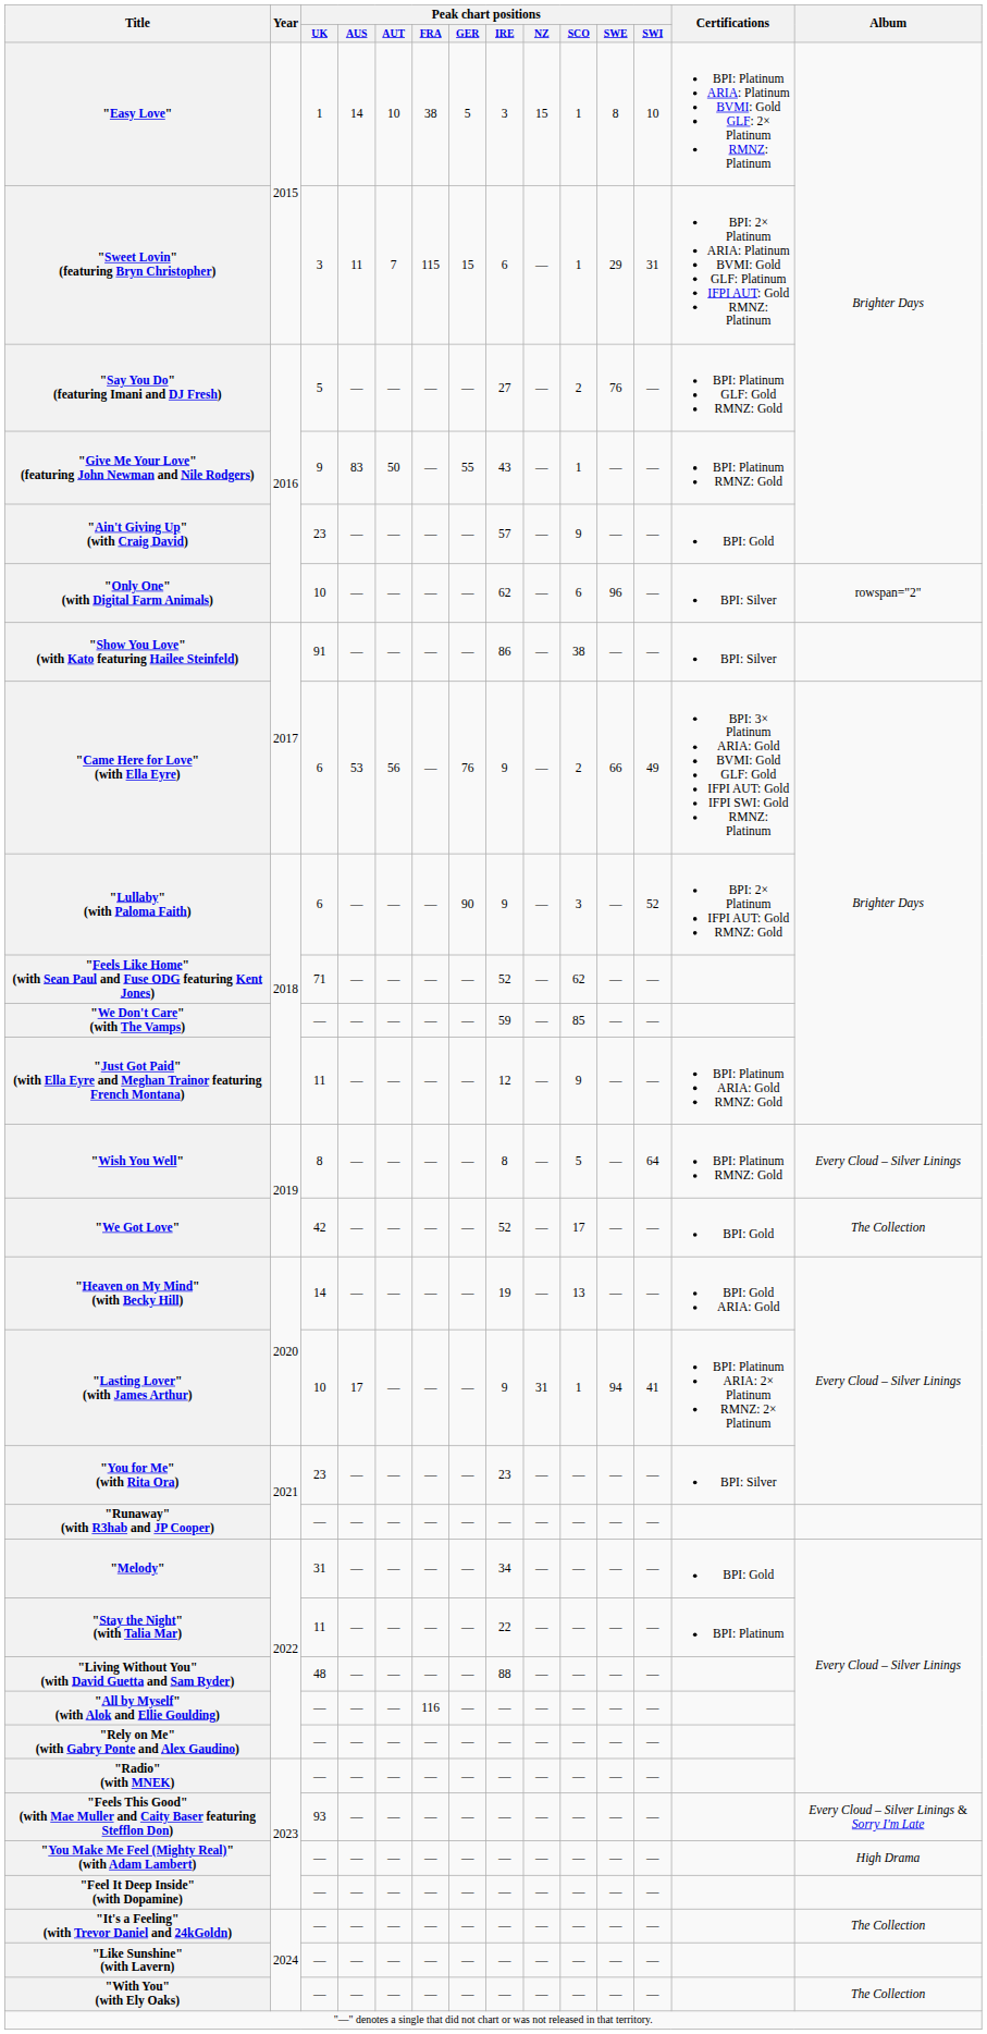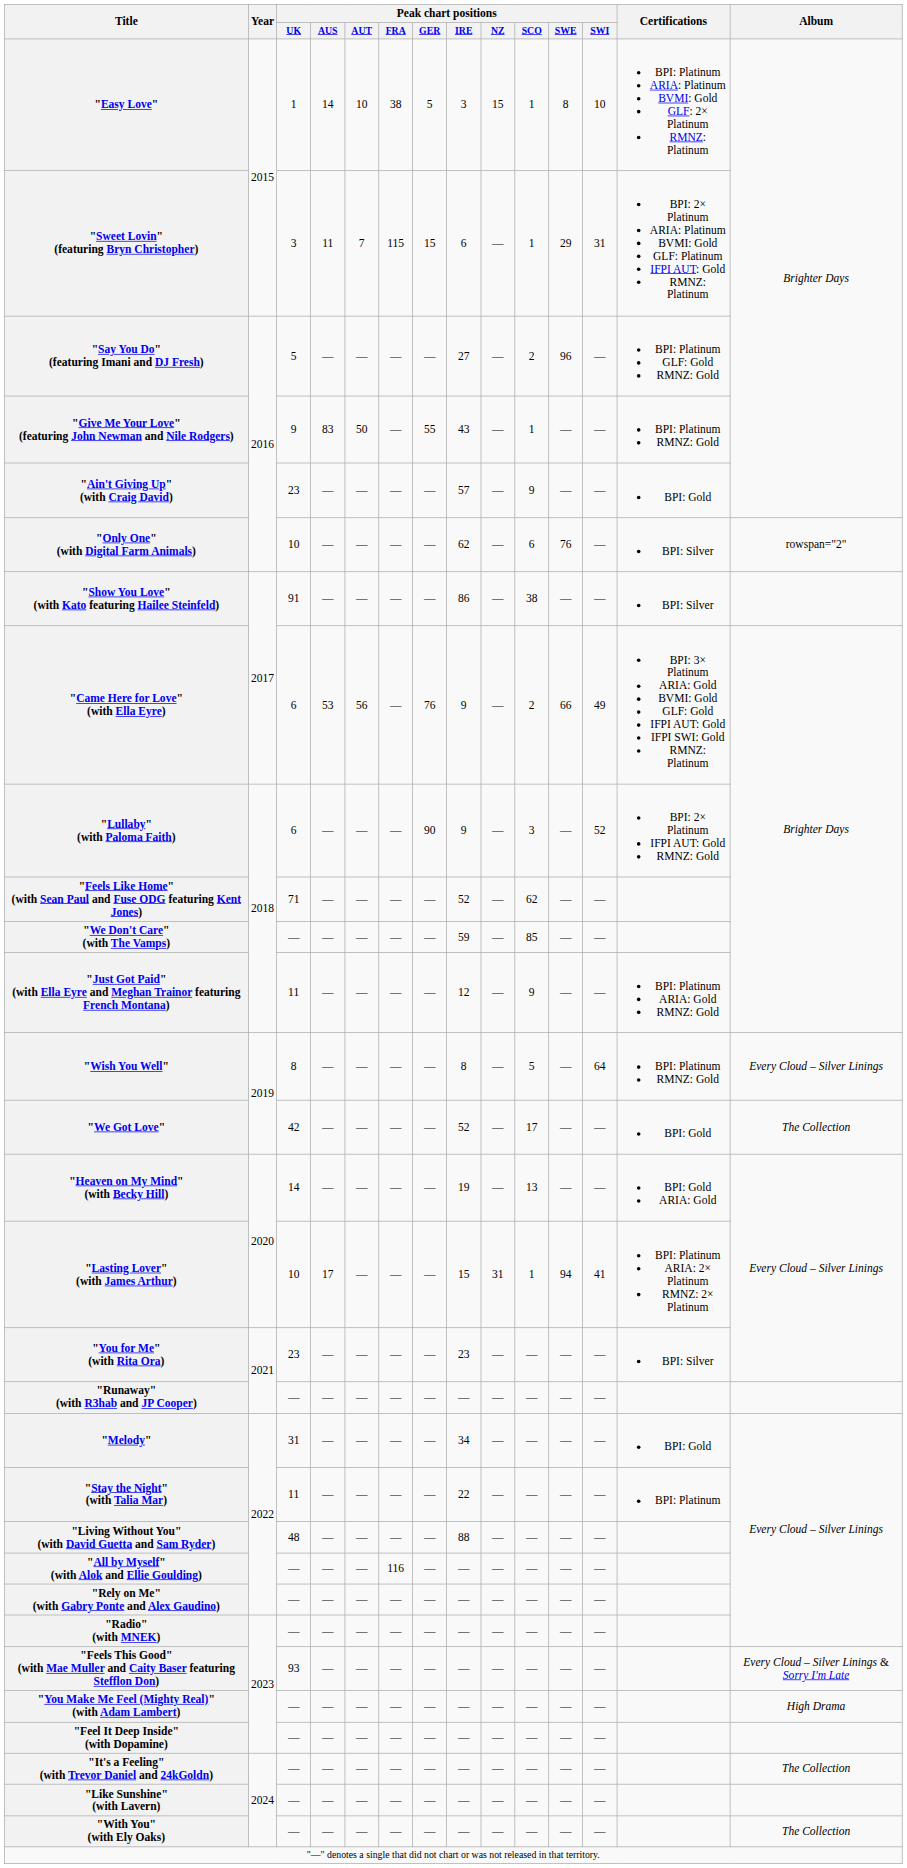 <table class="wikitable plainrowheaders" style="text-align:center;">
 <tr>
 <th scope="col" rowspan="2">Title</th>
 <th scope="col" rowspan="2">Year</th>
 <th scope="col" colspan="10">Peak chart positions</th>
 <th scope="col" rowspan="2">Certifications</th>
 <th scope="col" rowspan="2">Album</th>
 </tr>
 <tr>
 <th scope="col" style="width:3em;font-size:85%;"><a href='#'>UK</a><br></th>
 <th scope="col" style="width:3em;font-size:85%;"><a href='#'>AUS</a><br></th>
 <th scope="col" style="width:3em;font-size:85%;"><a href='#'>AUT</a><br></th>
 <th scope="col" style="width:3em;font-size:85%;"><a href='#'>FRA</a> <br></th>
 <th scope="col" style="width:3em;font-size:85%;"><a href='#'>GER</a><br></th>
 <th scope="col" style="width:3em;font-size:85%;"><a href='#'>IRE</a><br></th>
 <th scope="col" style="width:3em;font-size:85%;"><a href='#'>NZ</a><br></th>
 <th scope="col" style="width:3em;font-size:85%;"><a href='#'>SCO</a><br></th>
 <th scope="col" style="width:3em;font-size:85%;"><a href='#'>SWE</a><br></th>
 <th scope="col" style="width:3em;font-size:85%;"><a href='#'>SWI</a><br></th>
 </tr>
 <tr>
 <th scope="row">"<a href='#'>Easy Love</a>"</th>
 <td rowspan="2">2015</td>
 <td>1</td>
 <td>14</td>
 <td>10</td>
 <td>38</td>
 <td>5</td>
 <td>3</td>
 <td>15</td>
 <td>1</td>
 <td>8</td>
 <td>10</td>
 <td><br><ul><li>BPI: Platinum</li><li><a href='#'>ARIA</a>: Platinum</li><li><a href='#'>BVMI</a>: Gold</li><li><a href='#'>GLF</a>: 2× Platinum</li><li><a href='#'>RMNZ</a>: Platinum</li></ul></td>
 <td rowspan="5"><em>Brighter Days</em></td>
 </tr>
 <tr>
 <th scope="row">"<a href='#'>Sweet Lovin</a>"<br><span>(featuring <a href='#'>Bryn Christopher</a>)</span></th>
 <td>3</td>
 <td>11</td>
 <td>7</td>
 <td>115</td>
 <td>15</td>
 <td>6</td>
 <td>—</td>
 <td>1</td>
 <td>29</td>
 <td>31</td>
 <td><br><ul><li>BPI: 2× Platinum</li><li>ARIA: Platinum</li><li>BVMI: Gold</li><li>GLF: Platinum</li><li><a href='#'>IFPI AUT</a>: Gold</li><li>RMNZ: Platinum</li></ul></td>
 </tr>
 <tr>
 <th scope="row">"<a href='#'>Say You Do</a>"<br><span>(featuring Imani and <a href='#'>DJ Fresh</a>)</span></th>
 <td rowspan="4">2016</td>
 <td>5</td>
 <td>—</td>
 <td>—</td>
 <td>—</td>
 <td>—</td>
 <td>27</td>
 <td>—</td>
 <td>2</td>
-<td>76</td>
+<td>96</td>
 <td>—</td>
 <td><br><ul><li>BPI: Platinum</li><li>GLF: Gold</li><li>RMNZ: Gold</li></ul></td>
 </tr>
 <tr>
 <th scope="row">"<a href='#'>Give Me Your Love</a>"<br><span>(featuring <a href='#'>John Newman</a> and <a href='#'>Nile Rodgers</a>)</span></th>
 <td>9</td>
 <td>83</td>
 <td>50</td>
 <td>—</td>
 <td>55</td>
 <td>43</td>
 <td>—</td>
 <td>1</td>
 <td>—</td>
 <td>—</td>
 <td><br><ul><li>BPI: Platinum</li><li>RMNZ: Gold</li></ul></td>
 </tr>
 <tr>
 <th scope="row">"<a href='#'>Ain't Giving Up</a>"<br><span>(with <a href='#'>Craig David</a>)</span></th>
 <td>23</td>
 <td>—</td>
 <td>—</td>
 <td>—</td>
 <td>—</td>
 <td>57</td>
 <td>—</td>
 <td>9</td>
 <td>—</td>
 <td>—</td>
 <td><br><ul><li>BPI: Gold</li></ul></td>
 </tr>
 <tr>
 <th scope="row">"<a href='#'>Only One</a>"<br><span>(with <a href='#'>Digital Farm Animals</a>)</span></th>
 <td>10</td>
 <td>—</td>
 <td>—</td>
 <td>—</td>
 <td>—</td>
 <td>62</td>
 <td>—</td>
 <td>6</td>
-<td>96</td>
+<td>76</td>
 <td>—</td>
 <td><br><ul><li>BPI: Silver</li></ul></td>
 <td>rowspan="2" </td>
 </tr>
 <tr>
 <th scope="row">"<a href='#'>Show You Love</a>"<br><span>(with <a href='#'>Kato</a> featuring <a href='#'>Hailee Steinfeld</a>)</span></th>
 <td rowspan="2">2017</td>
 <td>91</td>
 <td>—</td>
 <td>—</td>
 <td>—</td>
 <td>—</td>
 <td>86</td>
 <td>—</td>
 <td>38</td>
 <td>—</td>
 <td>—</td>
 <td><br><ul><li>BPI: Silver</li></ul></td>
 </tr>
 <tr>
 <th scope="row">"<a href='#'>Came Here for Love</a>"<br><span>(with <a href='#'>Ella Eyre</a>)</span></th>
 <td>6</td>
 <td>53</td>
 <td>56</td>
 <td>—</td>
 <td>76</td>
 <td>9</td>
 <td>—</td>
 <td>2</td>
 <td>66</td>
 <td>49</td>
 <td><br><ul><li>BPI: 3× Platinum</li><li>ARIA: Gold</li><li>BVMI: Gold</li><li>GLF: Gold</li><li>IFPI AUT: Gold</li><li>IFPI SWI: Gold</li><li>RMNZ: Platinum</li></ul></td>
 <td rowspan="5"><em>Brighter Days</em></td>
 </tr>
 <tr>
 <th scope="row">"<a href='#'>Lullaby</a>"<br><span>(with <a href='#'>Paloma Faith</a>)</span></th>
 <td rowspan="4">2018</td>
 <td>6</td>
 <td>—</td>
 <td>—</td>
 <td>—</td>
 <td>90</td>
 <td>9</td>
 <td>—</td>
 <td>3</td>
 <td>—</td>
 <td>52</td>
 <td><br><ul><li>BPI: 2× Platinum</li><li>IFPI AUT: Gold</li><li>RMNZ: Gold</li></ul></td>
 </tr>
 <tr>
 <th scope="row">"<a href='#'>Feels Like Home</a>"<br><span>(with <a href='#'>Sean Paul</a> and <a href='#'>Fuse ODG</a> featuring <a href='#'>Kent Jones</a>)</span></th>
 <td>71</td>
 <td>—</td>
 <td>—</td>
 <td>—</td>
 <td>—</td>
 <td>52</td>
 <td>—</td>
 <td>62</td>
 <td>—</td>
 <td>—</td>
 <td></td>
 </tr>
 <tr>
 <th scope="row">"<a href='#'>We Don't Care</a>"<br><span>(with <a href='#'>The Vamps</a>)</span></th>
 <td>—</td>
 <td>—</td>
 <td>—</td>
 <td>—</td>
 <td>—</td>
 <td>59</td>
 <td>—</td>
 <td>85</td>
 <td>—</td>
 <td>—</td>
 <td></td>
 </tr>
 <tr>
 <th scope="row">"<a href='#'>Just Got Paid</a>"<br><span>(with <a href='#'>Ella Eyre</a> and <a href='#'>Meghan Trainor</a> featuring <a href='#'>French Montana</a>)</span></th>
 <td>11</td>
 <td>—</td>
 <td>—</td>
 <td>—</td>
 <td>—</td>
 <td>12</td>
 <td>—</td>
 <td>9</td>
 <td>—</td>
 <td>—</td>
 <td><br><ul><li>BPI: Platinum</li><li>ARIA: Gold</li><li>RMNZ: Gold</li></ul></td>
 </tr>
 <tr>
 <th scope="row">"<a href='#'>Wish You Well</a>"<br></th>
 <td rowspan="2">2019</td>
 <td>8</td>
 <td>—</td>
 <td>—</td>
 <td>—</td>
 <td>—</td>
 <td>8</td>
 <td>—</td>
 <td>5</td>
 <td>—</td>
 <td>64</td>
 <td><br><ul><li>BPI: Platinum</li><li>RMNZ: Gold</li></ul></td>
 <td><em>Every Cloud – Silver Linings</em></td>
 </tr>
 <tr>
 <th scope="row">"<a href='#'>We Got Love</a>"<br></th>
 <td>42</td>
 <td>—</td>
 <td>—</td>
 <td>—</td>
 <td>—</td>
 <td>52</td>
 <td>—</td>
 <td>17</td>
 <td>—</td>
 <td>—</td>
 <td><br><ul><li>BPI: Gold</li></ul></td>
 <td><em>The Collection</em></td>
 </tr>
 <tr>
 <th scope="row">"<a href='#'>Heaven on My Mind</a>"<br><span>(with <a href='#'>Becky Hill</a>)</span></th>
 <td rowspan="2">2020</td>
 <td>14</td>
 <td>—</td>
 <td>—</td>
 <td>—</td>
 <td>—</td>
 <td>19</td>
 <td>—</td>
 <td>13</td>
 <td>—</td>
 <td>—</td>
 <td><br><ul><li>BPI: Gold</li><li>ARIA: Gold</li></ul></td>
 <td rowspan="3"><em>Every Cloud – Silver Linings</em></td>
 </tr>
 <tr>
 <th scope="row">"<a href='#'>Lasting Lover</a>"<br><span>(with <a href='#'>James Arthur</a>)</span></th>
 <td>10</td>
 <td>17</td>
 <td>—</td>
 <td>—</td>
 <td>—</td>
-<td>9</td>
+<td>15</td>
 <td>31</td>
 <td>1</td>
 <td>94</td>
 <td>41</td>
 <td><br><ul><li>BPI: Platinum</li><li>ARIA: 2× Platinum</li><li>RMNZ: 2× Platinum</li></ul></td>
 </tr>
 <tr>
 <th scope="row">"<a href='#'>You for Me</a>" <br><span>(with <a href='#'>Rita Ora</a>)</span></th>
 <td rowspan="2">2021</td>
 <td>23</td>
 <td>—</td>
 <td>—</td>
 <td>—</td>
 <td>—</td>
 <td>23</td>
 <td>—</td>
 <td>—</td>
 <td>—</td>
 <td>—</td>
 <td><br><ul><li>BPI: Silver</li></ul></td>
 </tr>
 <tr>
 <th scope="row">"Runaway" <br><span>(with <a href='#'>R3hab</a> and <a href='#'>JP Cooper</a>)</span></th>
 <td>—</td>
 <td>—</td>
 <td>—</td>
 <td>—</td>
 <td>—</td>
 <td>—</td>
 <td>—</td>
 <td>—</td>
 <td>—</td>
 <td>―</td>
 <td></td>
 <td></td>
 </tr>
 <tr>
 <th scope="row">"<a href='#'>Melody</a>"</th>
 <td rowspan="5">2022</td>
 <td>31</td>
 <td>—</td>
 <td>—</td>
 <td>—</td>
 <td>—</td>
 <td>34</td>
 <td>―</td>
 <td>—</td>
 <td>―</td>
 <td>―</td>
 <td><br><ul><li>BPI: Gold</li></ul></td>
 <td rowspan="6"><em>Every Cloud – Silver Linings</em></td>
 </tr>
 <tr>
 <th scope="row">"<a href='#'>Stay the Night</a>"<br><span>(with <a href='#'>Talia Mar</a>)</span></th>
 <td>11</td>
 <td>—</td>
 <td>—</td>
 <td>—</td>
 <td>—</td>
 <td>22</td>
 <td>―</td>
 <td>—</td>
 <td>―</td>
 <td>―</td>
 <td><br><ul><li>BPI: Platinum</li></ul></td>
 </tr>
 <tr>
 <th scope="row">"Living Without You"<br><span>(with <a href='#'>David Guetta</a> and <a href='#'>Sam Ryder</a>)</span></th>
 <td>48</td>
 <td>—</td>
 <td>—</td>
 <td>—</td>
 <td>—</td>
 <td>88</td>
 <td>―</td>
 <td>—</td>
 <td>―</td>
 <td>―</td>
 <td></td>
 </tr>
 <tr>
 <th scope="row">"<a href='#'>All by Myself</a>"<br><span>(with <a href='#'>Alok</a> and <a href='#'>Ellie Goulding</a>)</span></th>
 <td>—</td>
 <td>—</td>
 <td>—</td>
 <td>116</td>
 <td>—</td>
 <td>—</td>
 <td>—</td>
 <td>—</td>
 <td>—</td>
 <td>—</td>
 <td></td>
 </tr>
 <tr>
 <th scope="row">"Rely on Me"<br><span>(with <a href='#'>Gabry Ponte</a> and <a href='#'>Alex Gaudino</a>)</span></th>
 <td>—</td>
 <td>—</td>
 <td>—</td>
 <td>—</td>
 <td>—</td>
 <td>—</td>
 <td>—</td>
 <td>—</td>
 <td>—</td>
 <td>—</td>
 <td></td>
 </tr>
 <tr>
 <th scope="row">"Radio"<br><span>(with <a href='#'>MNEK</a>)</span></th>
 <td rowspan="4">2023</td>
 <td>—</td>
 <td>—</td>
 <td>—</td>
 <td>—</td>
 <td>—</td>
 <td>—</td>
 <td>—</td>
 <td>—</td>
 <td>—</td>
 <td>—</td>
 <td></td>
 </tr>
 <tr>
 <th scope="row">"Feels This Good"<br><span>(with <a href='#'>Mae Muller</a> and <a href='#'>Caity Baser</a> featuring <a href='#'>Stefflon Don</a>)</span></th>
 <td>93</td>
 <td>—</td>
 <td>—</td>
 <td>—</td>
 <td>—</td>
 <td>—</td>
 <td>—</td>
 <td>—</td>
 <td>—</td>
 <td>—</td>
 <td></td>
 <td><em>Every Cloud – Silver Linings</em> & <em><a href='#'>Sorry I'm Late</a></em></td>
 </tr>
 <tr>
 <th scope="row">"<a href='#'>You Make Me Feel (Mighty Real)</a>"<br><span>(with <a href='#'>Adam Lambert</a>)</span></th>
 <td>—</td>
 <td>—</td>
 <td>—</td>
 <td>—</td>
 <td>—</td>
 <td>—</td>
 <td>—</td>
 <td>—</td>
 <td>—</td>
 <td>—</td>
 <td></td>
 <td><em>High Drama</em></td>
 </tr>
 <tr>
 <th scope="row">"Feel It Deep Inside"<br><span>(with Dopamine)</span></th>
 <td>—</td>
 <td>—</td>
 <td>—</td>
 <td>—</td>
 <td>—</td>
 <td>—</td>
 <td>—</td>
 <td>—</td>
 <td>—</td>
 <td>—</td>
 <td></td>
 <td></td>
 </tr>
 <tr>
 <th scope="row">"It's a Feeling"<br><span>(with <a href='#'>Trevor Daniel</a> and <a href='#'>24kGoldn</a>)</span></th>
 <td rowspan="3">2024</td>
 <td>—</td>
 <td>—</td>
 <td>—</td>
 <td>—</td>
 <td>—</td>
 <td>—</td>
 <td>—</td>
 <td>—</td>
 <td>—</td>
 <td>—</td>
 <td></td>
 <td><em>The Collection</em></td>
 </tr>
 <tr>
 <th scope="row">"Like Sunshine"<br><span>(with Lavern)</span></th>
 <td>—</td>
 <td>—</td>
 <td>—</td>
 <td>—</td>
 <td>—</td>
 <td>—</td>
 <td>—</td>
 <td>—</td>
 <td>—</td>
 <td>—</td>
 <td></td>
 <td></td>
 </tr>
 <tr>
 <th scope="row">"With You"<br><span>(with Ely Oaks)</span></th>
 <td>—</td>
 <td>—</td>
 <td>—</td>
 <td>—</td>
 <td>—</td>
 <td>—</td>
 <td>—</td>
 <td>—</td>
 <td>—</td>
 <td>—</td>
 <td></td>
 <td><em>The Collection</em></td>
 </tr>
 <tr>
 <td colspan="20" style="font-size:85%">"—" denotes a single that did not chart or was not released in that territory.</td>
 </tr>
 </table>
